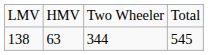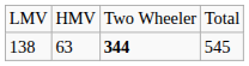 <table class="wikitable">
 <tr>
 <td>LMV</td>
 <td>HMV</td>
 <td>Two Wheeler</td>
 <td>Total</td>
 </tr>
 <tr>
 <td>138</td>
 <td>63</td>
-<td>344</td>
+<td><strong>344</strong></td>
 <td>545</td>
 </tr>
 </table>
